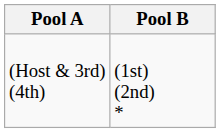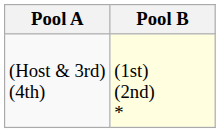 <table class="wikitable">
 <tr>
 <th width=50%>Pool A</th>
 <th width=50%>Pool B</th>
 </tr>
 <tr>
 <td><br> (Host & 3rd)<br>  (4th)<br> <br> </td>
-<td><br> (1st)<br>  (2nd)<br> <s></s> *<br> </td>
+<td style="background: lightyellow;"><br> (1st)<br>  (2nd)<br> <s></s> *<br> </td>
 </tr>
 </table>
